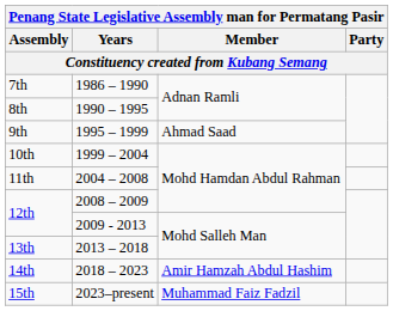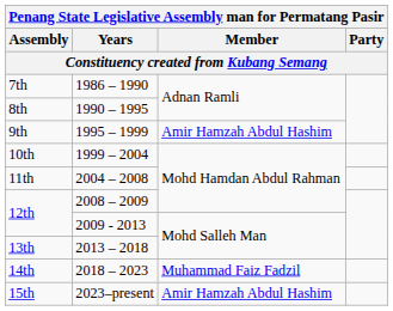 <table class="wikitable">
 <tr>
 <th colspan="4"><a href='#'>Penang State Legislative Assembly</a> man for Permatang Pasir</th>
 </tr>
 <tr>
 <th>Assembly</th>
 <th>Years</th>
 <th>Member</th>
 <th>Party</th>
 </tr>
 <tr>
 <th colspan="4" align="center"><em>Constituency created from <a href='#'>Kubang Semang</a></em></th>
 </tr>
 <tr>
 <td>7th</td>
 <td>1986 – 1990</td>
 <td rowspan="2">Adnan Ramli</td>
 <td rowspan="3"></td>
 </tr>
 <tr>
 <td>8th</td>
 <td>1990 – 1995</td>
 </tr>
 <tr>
 <td>9th</td>
 <td>1995 – 1999</td>
-<td>Ahmad Saad</td>
+<td><a href='#'>Amir Hamzah Abdul Hashim</a></td>
 </tr>
 <tr>
 <td>10th</td>
 <td>1999 – 2004</td>
 <td rowspan="3">Mohd Hamdan Abdul Rahman</td>
 <td rowspan="1"></td>
 </tr>
 <tr>
 <td>11th</td>
 <td>2004 – 2008</td>
 <td rowspan="1"></td>
 </tr>
 <tr>
 <td rowspan="2"><a href='#'>12th</a></td>
 <td>2008 – 2009</td>
 <td rowspan="3"></td>
 </tr>
 <tr>
 <td>2009 - 2013</td>
 <td rowspan="2">Mohd Salleh Man</td>
 </tr>
 <tr>
 <td><a href='#'>13th</a></td>
 <td>2013 – 2018</td>
 </tr>
 <tr>
 <td><a href='#'>14th</a></td>
 <td>2018 – 2023</td>
-<td><a href='#'>Amir Hamzah Abdul Hashim</a></td>
+<td><a href='#'>Muhammad Faiz Fadzil</a></td>
 <td></td>
 </tr>
 <tr>
 <td><a href='#'>15th</a></td>
 <td>2023–present</td>
-<td><a href='#'>Muhammad Faiz Fadzil</a></td>
+<td><a href='#'>Amir Hamzah Abdul Hashim</a></td>
 <td></td>
 </tr>
 </table>
